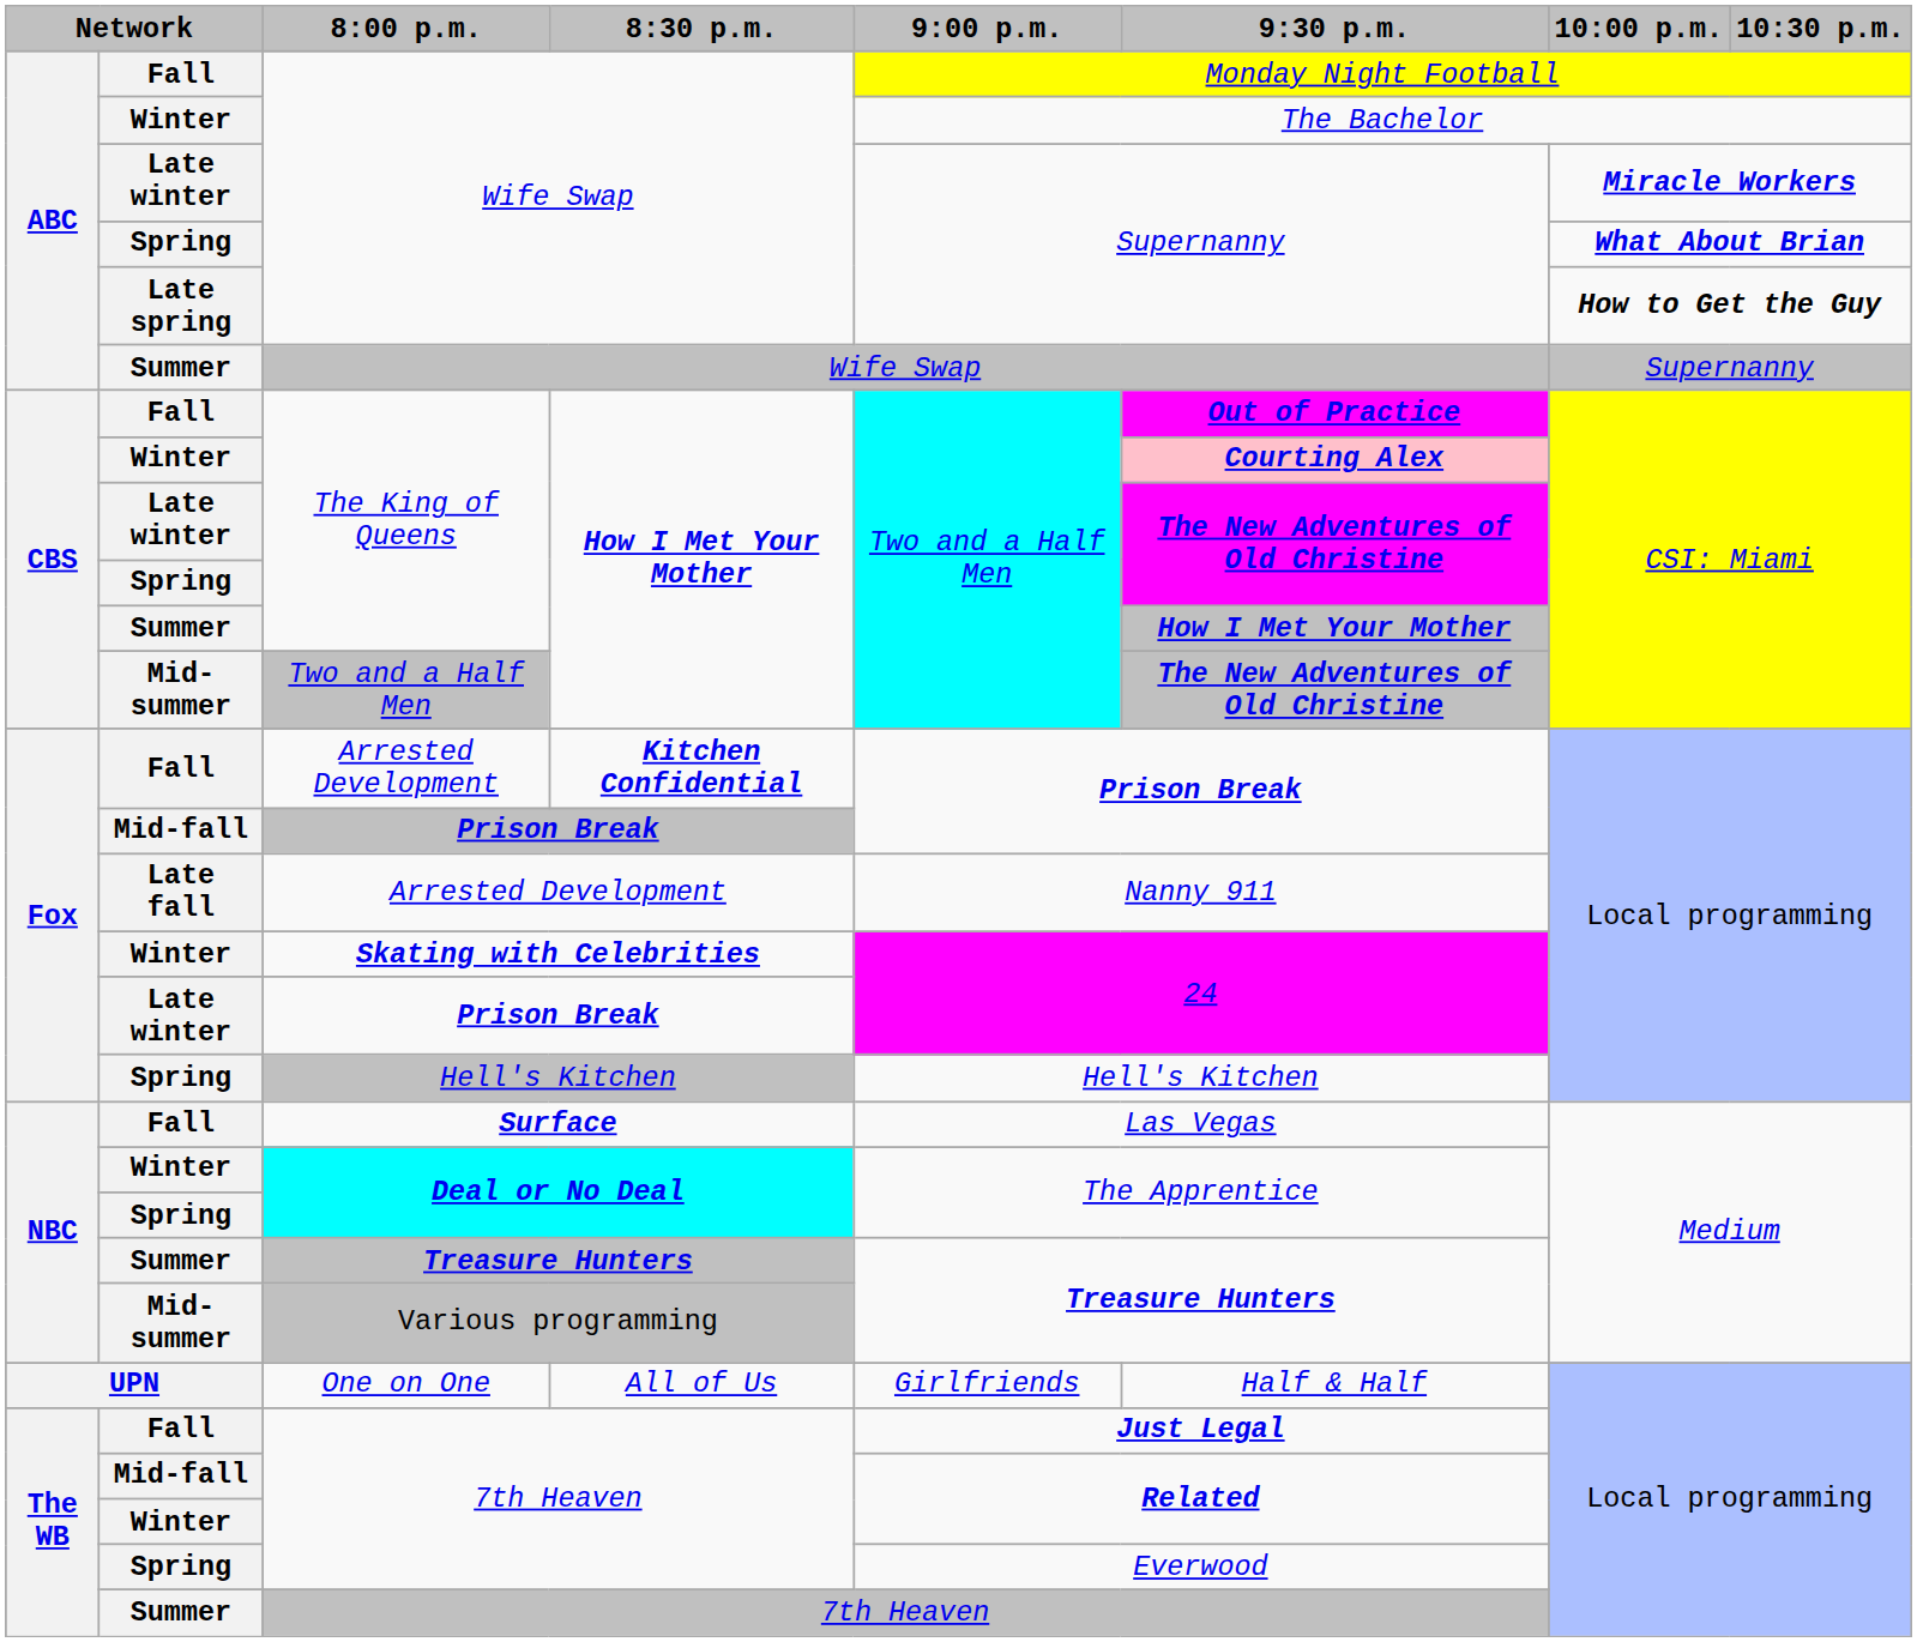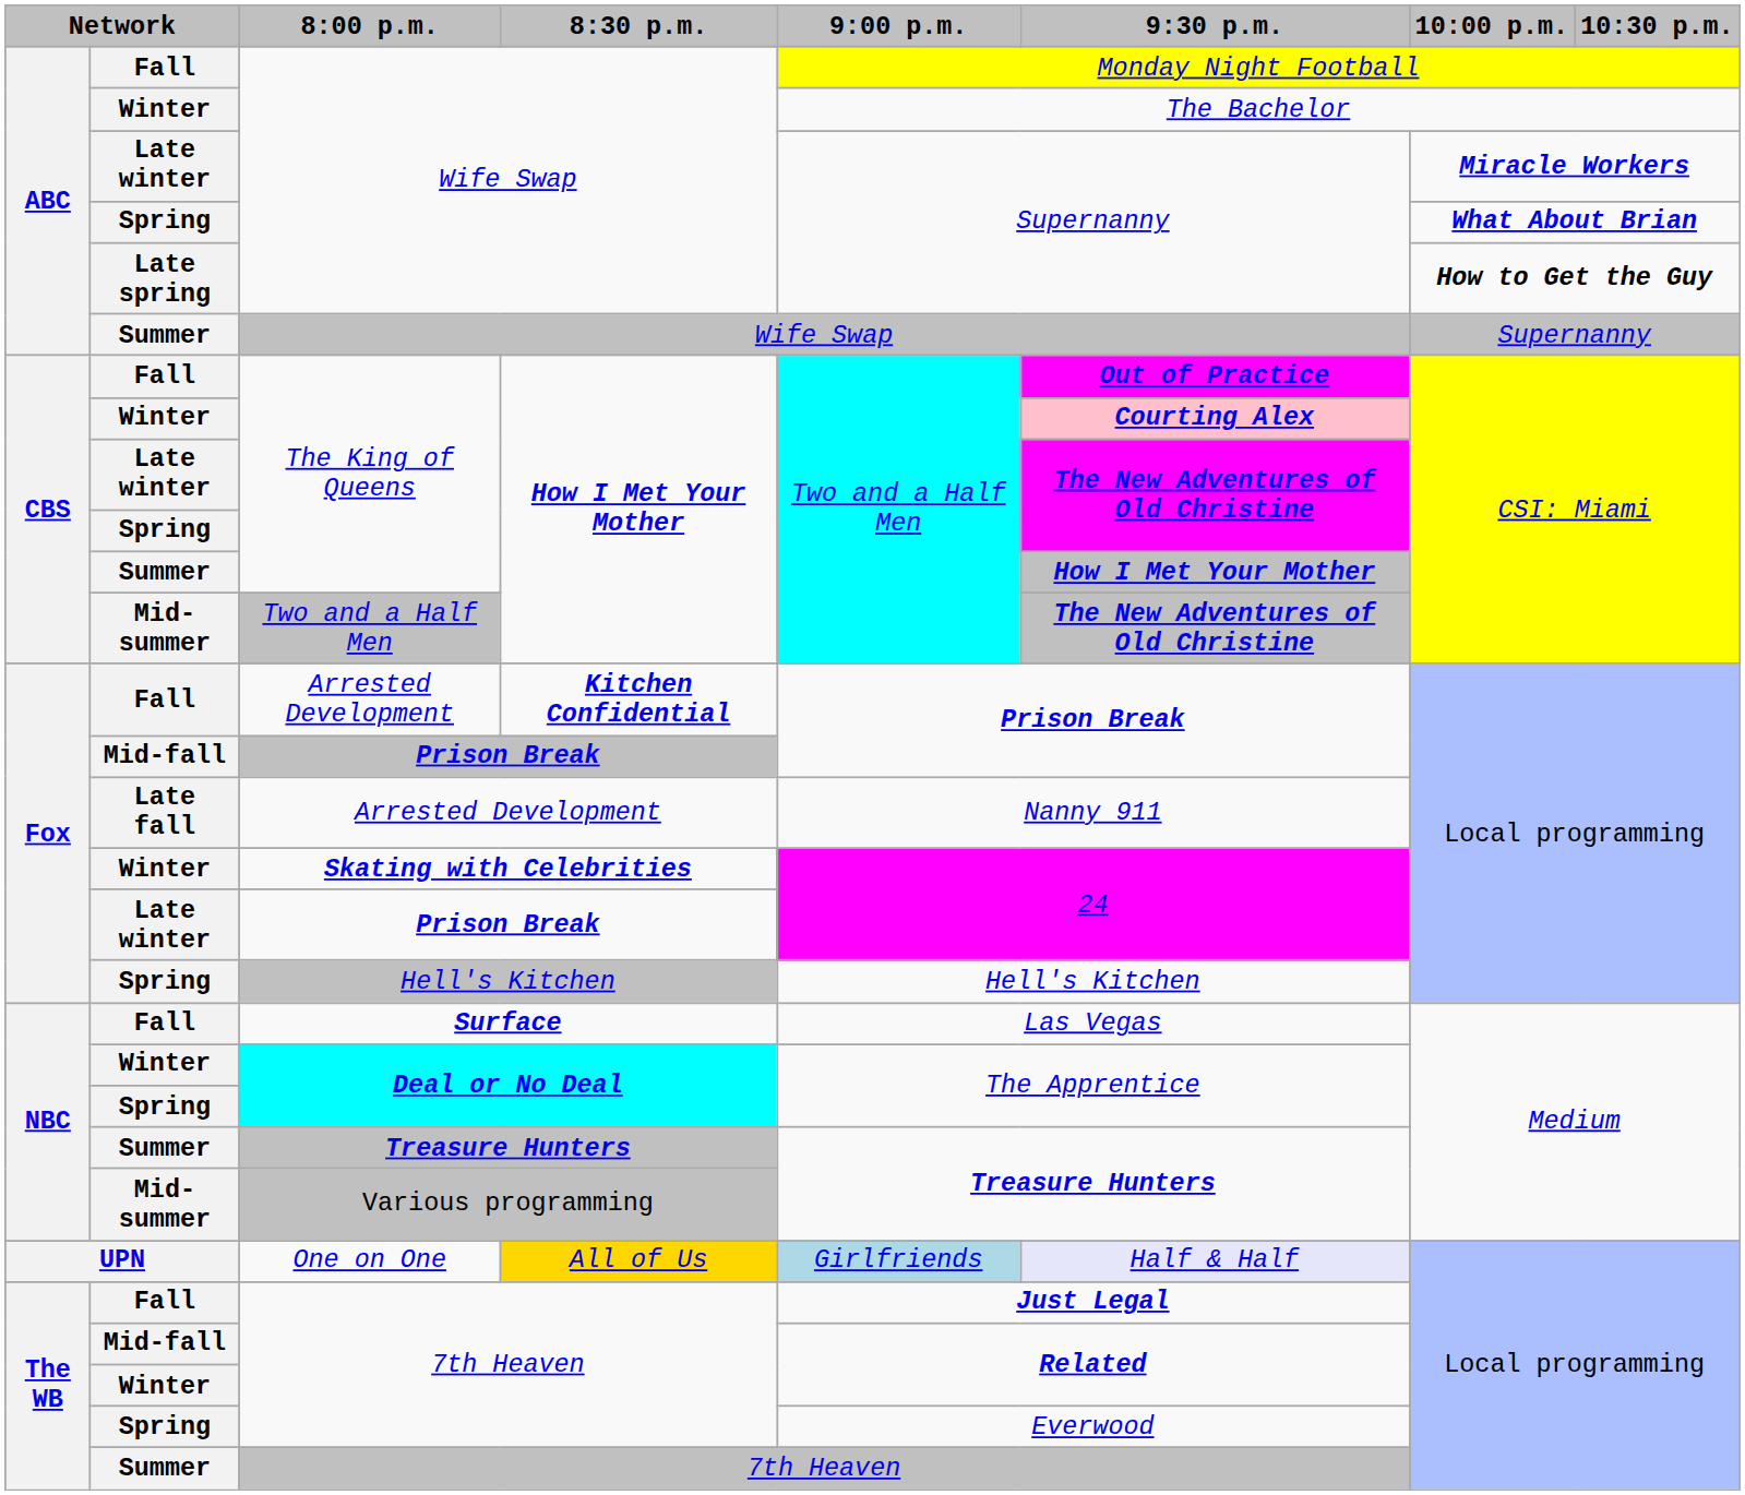 <table class="wikitable" style="width:100%;margin-right:0;text-align:center">
 <tr>
 <th colspan="2" style="background-color:#C0C0C0;text-align:center">Network</th>
 <th style="background-color:#C0C0C0;text-align:center">8:00 p.m.</th>
 <th style="background-color:#C0C0C0;text-align:center">8:30 p.m.</th>
 <th style="background-color:#C0C0C0;text-align:center">9:00 p.m.</th>
 <th style="background-color:#C0C0C0;text-align:center">9:30 p.m.</th>
 <th style="background-color:#C0C0C0;text-align:center">10:00 p.m.</th>
 <th style="background-color:#C0C0C0;text-align:center">10:30 p.m.</th>
 </tr>
 <tr>
 <th rowspan="6"><a href='#'>ABC</a></th>
 <th>Fall</th>
 <td colspan="2" rowspan="5"><em><a href='#'>Wife Swap</a></em></td>
 <td colspan="4" style="background-color:#FFFF00;"><em><a href='#'>Monday Night Football</a></em>  </td>
 </tr>
 <tr>
 <th>Winter</th>
 <td colspan="4"><em><a href='#'>The Bachelor</a></em></td>
 </tr>
 <tr>
 <th>Late winter</th>
 <td colspan="2" rowspan="3"><em><a href='#'>Supernanny</a></em></td>
 <td colspan="2"><strong><em><a href='#'>Miracle Workers</a></em></strong></td>
 </tr>
 <tr>
 <th>Spring</th>
 <td colspan="2"><strong><em><a href='#'>What About Brian</a></em></strong></td>
 </tr>
 <tr>
 <th>Late spring</th>
 <td colspan="2"><strong><em>How to Get the Guy</em></strong></td>
 </tr>
 <tr>
 <th>Summer</th>
 <td style="background:#C0C0C0;" colspan="4"><em><a href='#'>Wife Swap</a></em> </td>
 <td style="background:#C0C0C0;" colspan="2"><em><a href='#'>Supernanny</a></em> </td>
 </tr>
 <tr>
 <th rowspan="6"><a href='#'>CBS</a></th>
 <th>Fall</th>
 <td rowspan="5"><em><a href='#'>The King of Queens</a></em></td>
 <td rowspan="6"><strong><em><a href='#'>How I Met Your Mother</a></em></strong></td>
 <td style="background:#00FFFF;" rowspan="6"><em><a href='#'>Two and a Half Men</a></em> </td>
 <td style="background:#FF00FF;"><strong><em><a href='#'>Out of Practice</a></em></strong> </td>
 <td style="background:#FFFF00;" rowspan="6" colspan="2"><em><a href='#'>CSI: Miami</a></em> </td>
 </tr>
 <tr>
 <th>Winter</th>
 <td style="background: pink;"><strong><em><a href='#'>Courting Alex</a></em></strong></td>
 </tr>
 <tr>
 <th>Late winter</th>
 <td style="background:#FF00FF;" rowspan="2"><strong><em><a href='#'>The New Adventures of Old Christine</a></em></strong> </td>
 </tr>
 <tr>
 <th>Spring</th>
 </tr>
 <tr>
 <th>Summer</th>
 <td style="background:#C0C0C0;"><strong><em><a href='#'>How I Met Your Mother</a></em></strong> </td>
 </tr>
 <tr>
 <th>Mid-summer</th>
 <td style="background:#C0C0C0;"><em><a href='#'>Two and a Half Men</a></em> </td>
 <td style="background:#C0C0C0;"><strong><em><a href='#'>The New Adventures of Old Christine</a></em></strong> </td>
 </tr>
 <tr>
 <th rowspan="6"><a href='#'>Fox</a></th>
 <th>Fall</th>
 <td><em><a href='#'>Arrested Development</a></em></td>
 <td><strong><em><a href='#'>Kitchen Confidential</a></em></strong></td>
 <td colspan="2" rowspan="2"><strong><em><a href='#'>Prison Break</a></em></strong></td>
 <td style="background:#abbfff;" colspan="2" rowspan="6">Local programming</td>
 </tr>
 <tr>
 <th>Mid-fall</th>
 <td colspan="2" style="background:#C0C0C0;"><strong><em><a href='#'>Prison Break</a></em></strong> </td>
 </tr>
 <tr>
 <th>Late fall</th>
 <td colspan="2"><em><a href='#'>Arrested Development</a></em></td>
 <td colspan="2"><em><a href='#'>Nanny 911</a></em></td>
 </tr>
 <tr>
 <th>Winter</th>
 <td colspan="2"><strong><em><a href='#'>Skating with Celebrities</a></em></strong></td>
 <td style="background:#FF00FF;" colspan="2" rowspan="2"><em><a href='#'>24</a></em> </td>
 </tr>
 <tr>
 <th>Late winter</th>
 <td colspan="2"><strong><em><a href='#'>Prison Break</a></em></strong></td>
 </tr>
 <tr>
 <th>Spring</th>
 <td colspan="2" style="background:#C0C0C0;"><em><a href='#'>Hell's Kitchen</a></em> </td>
 <td colspan="2"><em><a href='#'>Hell's Kitchen</a></em></td>
 </tr>
 <tr>
 <th rowspan="5"><a href='#'>NBC</a></th>
 <th>Fall</th>
 <td colspan="2"><strong><em><a href='#'>Surface</a></em></strong></td>
 <td colspan="2"><em><a href='#'>Las Vegas</a></em></td>
 <td colspan="2" rowspan="5"><em><a href='#'>Medium</a></em></td>
 </tr>
 <tr>
 <th>Winter</th>
 <td style="background:#00FFFF;" colspan="2" rowspan="2"><strong><em><a href='#'>Deal or No Deal</a></em></strong> </td>
 <td colspan="2" rowspan="2"><em><a href='#'>The Apprentice</a></em></td>
 </tr>
 <tr>
 <th>Spring</th>
 </tr>
 <tr>
 <th>Summer</th>
 <td colspan="2" style="background:#C0C0C0;"><strong><em><a href='#'>Treasure Hunters</a></em></strong> </td>
 <td colspan="2" rowspan="2"><strong><em><a href='#'>Treasure Hunters</a></em></strong></td>
 </tr>
 <tr>
 <th>Mid-summer</th>
 <td colspan="2" style="background:#C0C0C0;">Various programming</td>
 </tr>
 <tr>
 <th colspan="2"><a href='#'>UPN</a></th>
 <td><em><a href='#'>One on One</a></em></td>
-<td><em><a href='#'>All of Us</a></em></td>
-<td><em><a href='#'>Girlfriends</a></em></td>
-<td><em><a href='#'>Half & Half</a></em></td>
+<td style="background: gold;"><em><a href='#'>All of Us</a></em></td>
+<td style="background: lightblue;"><em><a href='#'>Girlfriends</a></em></td>
+<td style="background: lavender;"><em><a href='#'>Half & Half</a></em></td>
 <td style="background:#abbfff;" colspan="2" rowspan="7">Local programming</td>
 </tr>
 <tr>
 <th rowspan="5"><a href='#'>The WB</a></th>
 <th>Fall</th>
 <td colspan="2" rowspan="4"><em><a href='#'>7th Heaven</a></em></td>
 <td colspan="2"><strong><em><a href='#'>Just Legal</a></em></strong></td>
 </tr>
 <tr>
 <th>Mid-fall</th>
 <td colspan="2" rowspan="2"><strong><em><a href='#'>Related</a></em></strong></td>
 </tr>
 <tr>
 <th>Winter</th>
 </tr>
 <tr>
 <th>Spring</th>
 <td colspan="2"><em><a href='#'>Everwood</a></em></td>
 </tr>
 <tr>
 <th>Summer</th>
 <td colspan="4" style="background:#C0C0C0;"><em><a href='#'>7th Heaven</a></em> </td>
 </tr>
 </table>
